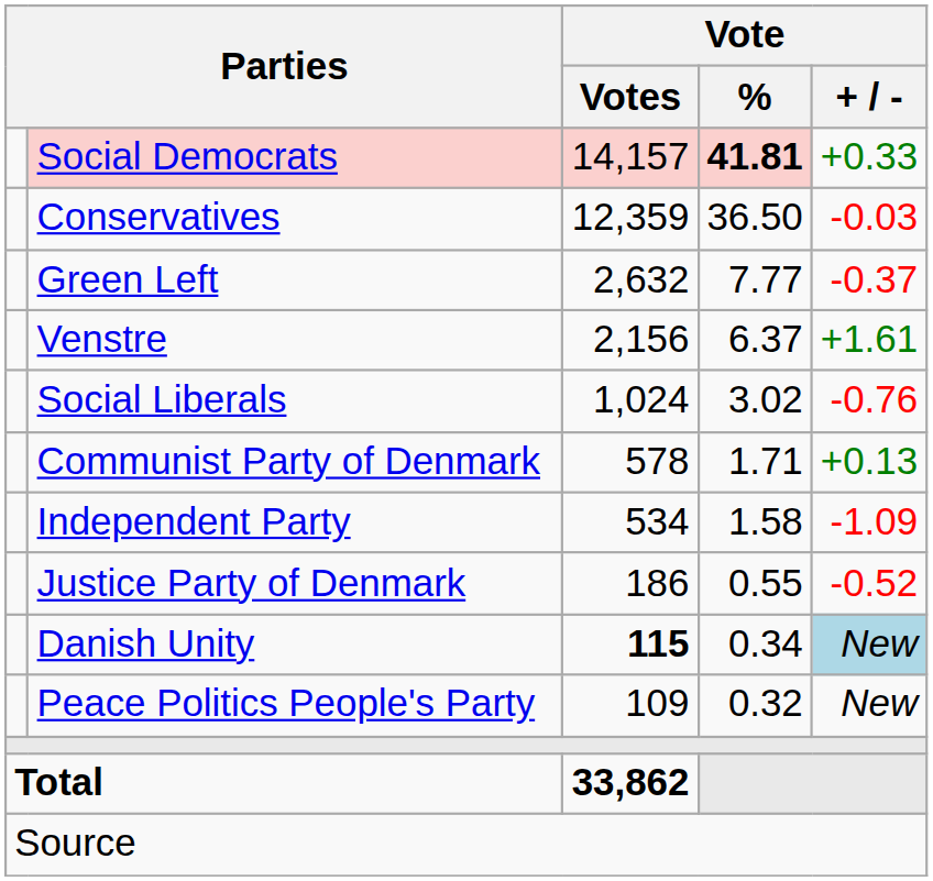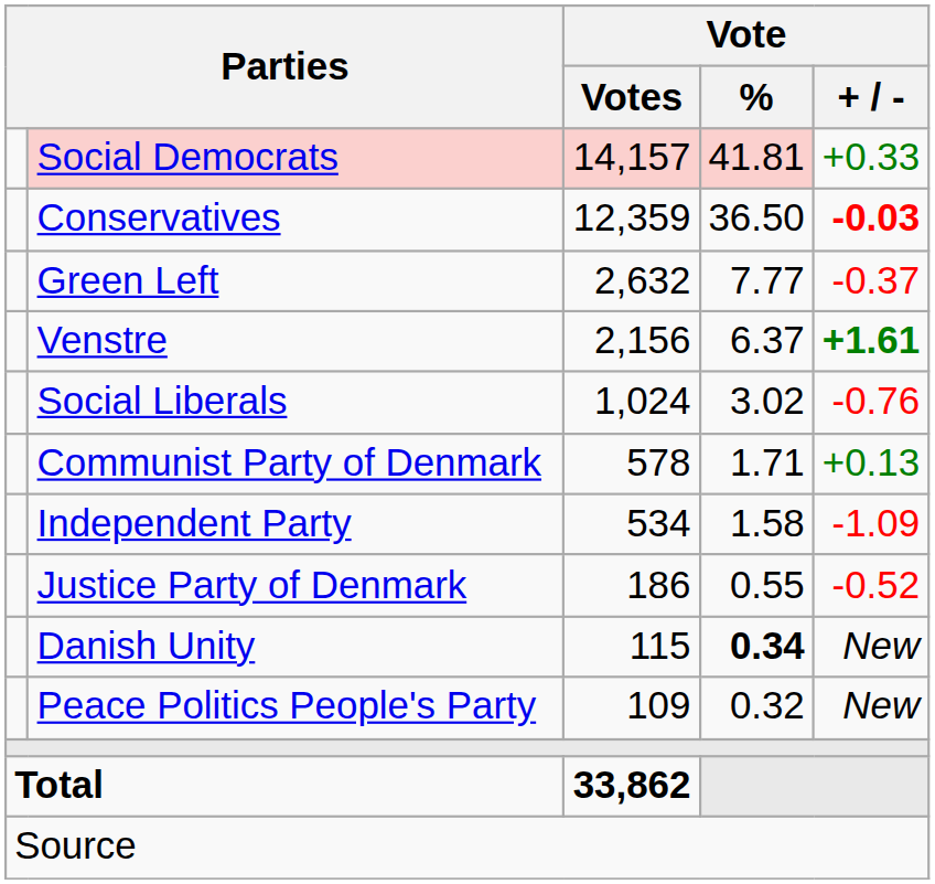 <table class="wikitable" style="text-align:right;">
 <tr>
 <th style="text-align:centre;" rowspan="2" colspan="2" width="225">Parties</th>
 <th colspan="3">Vote</th>
 </tr>
 <tr>
 <th width="15">Votes</th>
 <th width="15">%</th>
 <th width="15">+ / -</th>
 </tr>
 <tr>
 <td width="2" style="color:inherit;background:"></td>
 <td bgcolor=#fbd0ce  align="left"><a href='#'>Social Democrats</a></td>
 <td bgcolor=#fbd0ce>14,157</td>
-<td bgcolor=#fbd0ce><strong>41.81</strong></td>
+<td bgcolor=#fbd0ce>41.81</td>
 <td style=color:green;>+0.33</td>
 </tr>
 <tr>
 <td width="2" style="color:inherit;background:"></td>
 <td align="left"><a href='#'>Conservatives</a></td>
 <td>12,359</td>
 <td>36.50</td>
-<td style=color:red;>-0.03</td>
+<td style=color:red;><strong>-0.03</strong></td>
 </tr>
 <tr>
 <td width="2" style="color:inherit;background:"></td>
 <td align="left"><a href='#'>Green Left</a></td>
 <td>2,632</td>
 <td>7.77</td>
 <td style=color:red;>-0.37</td>
 </tr>
 <tr>
 <td width="2" style="color:inherit;background:"></td>
 <td align="left"><a href='#'>Venstre</a></td>
 <td>2,156</td>
 <td>6.37</td>
-<td style=color:green;>+1.61</td>
+<td style=color:green;><strong>+1.61</strong></td>
 </tr>
 <tr>
 <td width="2" style="color:inherit;background:"></td>
 <td align="left"><a href='#'>Social Liberals</a></td>
 <td>1,024</td>
 <td>3.02</td>
 <td style=color:red;>-0.76</td>
 </tr>
 <tr>
 <td width="2" style="color:inherit;background:"></td>
 <td align="left"><a href='#'>Communist Party of Denmark</a></td>
 <td>578</td>
 <td>1.71</td>
 <td style=color:green;>+0.13</td>
 </tr>
 <tr>
 <td width="2" style="color:inherit;background:"></td>
 <td align="left"><a href='#'>Independent Party</a></td>
 <td>534</td>
 <td>1.58</td>
 <td style=color:red;>-1.09</td>
 </tr>
 <tr>
 <td width="2" style="color:inherit;background:"></td>
 <td align="left"><a href='#'>Justice Party of Denmark</a></td>
 <td>186</td>
 <td>0.55</td>
 <td style=color:red;>-0.52</td>
 </tr>
 <tr>
 <td width="2" style="color:inherit;background:"></td>
 <td align="left"><a href='#'>Danish Unity</a></td>
-<td><strong>115</strong></td>
-<td>0.34</td>
-<td style="background: lightblue;"><em>New</em></td>
+<td>115</td>
+<td><strong>0.34</strong></td>
+<td><em>New</em></td>
 </tr>
 <tr>
 <td width="2" style="color:inherit;background:"></td>
 <td align="left"><a href='#'>Peace Politics People's Party</a></td>
 <td>109</td>
 <td>0.32</td>
 <td><em>New</em></td>
 </tr>
 <tr>
 <td colspan="7" bgcolor="#E9E9E9"></td>
 </tr>
 <tr>
 <td align="left" colspan="2"><strong>Total</strong></td>
 <td><strong>33,862</strong></td>
 <td bgcolor="#E9E9E9" colspan="2"></td>
 </tr>
 <tr>
 <td align="left" colspan="6">Source</td>
 </tr>
 </table>
